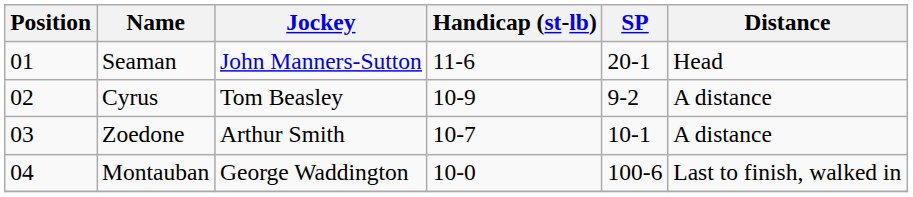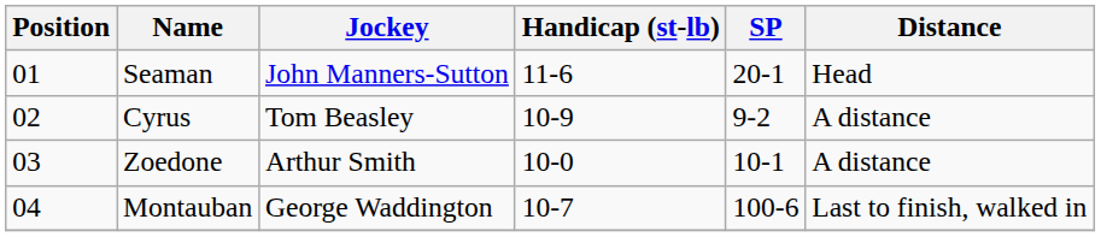 <table class="wikitable sortable">
 <tr>
 <th data-sort-type="number"><strong>Position</strong></th>
 <th>Name</th>
 <th><a href='#'>Jockey</a></th>
 <th>Handicap (<a href='#'>st</a>-<a href='#'>lb</a>)</th>
 <th><a href='#'>SP</a></th>
 <th>Distance</th>
 </tr>
 <tr>
 <td>01</td>
 <td>Seaman</td>
 <td><a href='#'>John Manners-Sutton</a></td>
 <td>11-6</td>
 <td>20-1</td>
 <td>Head</td>
 </tr>
 <tr>
 <td>02</td>
 <td>Cyrus</td>
 <td>Tom Beasley</td>
 <td>10-9</td>
 <td>9-2</td>
 <td>A distance</td>
 </tr>
 <tr>
 <td>03</td>
 <td>Zoedone</td>
 <td>Arthur Smith</td>
-<td>10-7</td>
+<td>10-0</td>
 <td>10-1</td>
 <td>A distance</td>
 </tr>
 <tr>
 <td>04</td>
 <td>Montauban</td>
 <td>George Waddington</td>
-<td>10-0</td>
+<td>10-7</td>
 <td>100-6</td>
 <td>Last to finish, walked in</td>
 </tr>
 <tr>
 </tr>
 </table>
